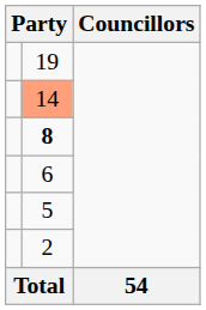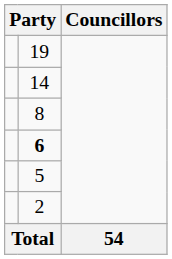 <table class="wikitable">
 <tr>
 <th colspan=2>Party</th>
 <th>Councillors</th>
 </tr>
 <tr>
 <td></td>
 <td align=center>19</td>
 </tr>
 <tr>
 <td></td>
-<td align=center style="background: lightsalmon;">14</td>
+<td align=center>14</td>
 </tr>
 <tr>
 <td></td>
-<td align=center><strong>8</strong></td>
+<td align=center>8</td>
 </tr>
 <tr>
 <td></td>
-<td align=center>6</td>
+<td align=center><strong>6</strong></td>
 </tr>
 <tr>
 <td></td>
 <td align=center>5</td>
 </tr>
 <tr>
 <td></td>
 <td align=center>2</td>
 </tr>
 <tr>
 <th colspan=2>Total</th>
 <th align=center>54</th>
 </tr>
 </table>
